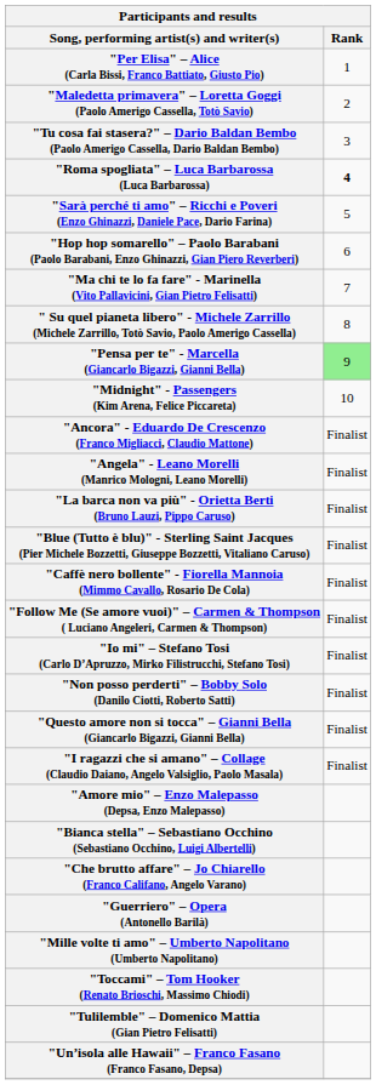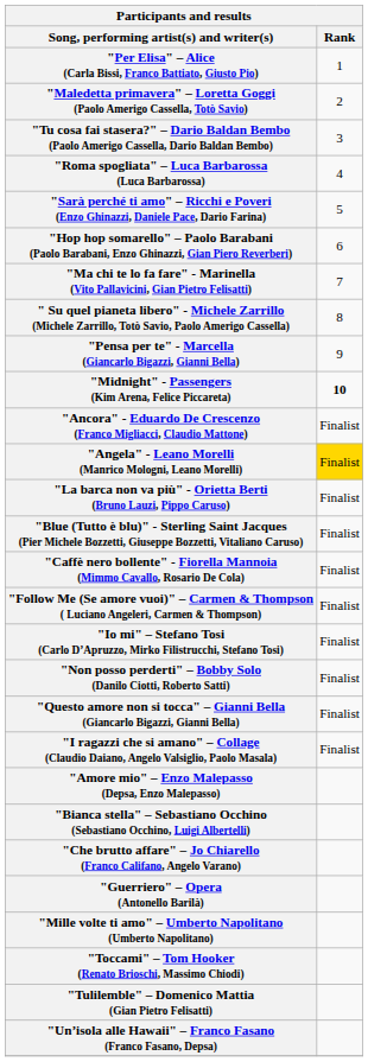 <table class="plainrowheaders wikitable">
 <tr>
 <th colspan="3">Participants and results</th>
 </tr>
 <tr>
 <th>Song, performing artist(s) and writer(s)</th>
 <th>Rank</th>
 </tr>
 <tr>
 <th scope="row">"<a href='#'>Per Elisa</a>" –  <a href='#'>Alice</a>  <br><small> 	(Carla Bissi, <a href='#'>Franco Battiato</a>, <a href='#'>Giusto Pio</a>)</small></th>
 <td style="text-align:center;">1</td>
 </tr>
 <tr>
 <th scope="row">"<a href='#'>Maledetta primavera</a>" – <a href='#'>Loretta Goggi</a> <br><small>(Paolo Amerigo Cassella, <a href='#'>Totò Savio</a>)</small></th>
 <td style="text-align:center;">2</td>
 </tr>
 <tr>
 <th scope="row">"Tu cosa fai stasera?" – <a href='#'>Dario Baldan Bembo</a>  <br><small> 	(Paolo Amerigo Cassella, Dario Baldan Bembo)</small></th>
 <td style="text-align:center;">3</td>
 </tr>
 <tr>
 <th scope="row">"Roma spogliata" – <a href='#'>Luca Barbarossa</a><br><small> 	(Luca Barbarossa)</small></th>
-<td style="text-align:center;"><strong>4</strong></td>
+<td style="text-align:center;">4</td>
 </tr>
 <tr>
 <th scope="row">"<a href='#'>Sarà perché ti amo</a>" –  <a href='#'>Ricchi e Poveri</a> <br><small>(<a href='#'>Enzo Ghinazzi</a>, <a href='#'>Daniele Pace</a>, Dario Farina)</small></th>
 <td style="text-align:center;">5</td>
 </tr>
 <tr>
 <th scope="row">"Hop hop somarello"  –  	Paolo Barabani   <br><small> (Paolo Barabani, Enzo Ghinazzi, <a href='#'>Gian Piero Reverberi</a>)</small></th>
 <td style="text-align:center;">6</td>
 </tr>
 <tr>
 <th scope="row">"Ma chi te lo fa fare" -  	Marinella <br><small>(<a href='#'>Vito Pallavicini</a>, <a href='#'>Gian Pietro Felisatti</a>)</small></th>
 <td style="text-align:center;">7</td>
 </tr>
 <tr>
 <th scope="row">" 	Su quel pianeta libero" -  <a href='#'>Michele Zarrillo</a> <br><small> (Michele Zarrillo, Totò Savio, Paolo Amerigo Cassella)</small></th>
 <td style="text-align:center;">8</td>
 </tr>
 <tr>
 <th scope="row">"Pensa per te" -  <a href='#'>Marcella</a>  <br><small> 	(<a href='#'>Giancarlo Bigazzi</a>, <a href='#'>Gianni Bella</a>)</small></th>
-<td style="background: lightgreen; text-align:center;">9</td>
+<td style="text-align:center;">9</td>
 </tr>
 <tr>
 <th scope="row">"Midnight" - <a href='#'>Passengers</a>  <br><small> 	(Kim Arena, Felice Piccareta)</small></th>
-<td style="text-align:center;">10</td>
+<td style="text-align:center;"><strong>10</strong></td>
 </tr>
 <tr>
 <th scope="row">"Ancora" - <a href='#'>Eduardo De Crescenzo</a> <br><small>  	(<a href='#'>Franco Migliacci</a>, <a href='#'>Claudio Mattone</a>)</small></th>
 <td style="text-align:center;">Finalist</td>
 </tr>
 <tr>
 <th scope="row">"Angela" -  <a href='#'>Leano Morelli</a><br><small> 	(Manrico Mologni, Leano Morelli) </small></th>
-<td style="text-align:center;">Finalist</td>
+<td style="background: gold; text-align:center;">Finalist</td>
 </tr>
 <tr>
 <th scope="row">"La barca non va più" - <a href='#'>Orietta Berti</a>   <br><small> 	(<a href='#'>Bruno Lauzi</a>, <a href='#'>Pippo Caruso</a>) </small></th>
 <td style="text-align:center;">Finalist</td>
 </tr>
 <tr>
 <th scope="row">"Blue (Tutto è blu)" - Sterling Saint Jacques   <br><small>(Pier Michele Bozzetti, Giuseppe Bozzetti, Vitaliano Caruso)</small></th>
 <td style="text-align:center;">Finalist</td>
 </tr>
 <tr>
 <th scope="row">"Caffè nero bollente" - <a href='#'>Fiorella Mannoia</a> <br><small>(<a href='#'>Mimmo Cavallo</a>, Rosario De Cola)</small></th>
 <td style="text-align:center;">Finalist</td>
 </tr>
 <tr>
 <th scope="row">"Follow Me (Se amore vuoi)" – <a href='#'>Carmen & Thompson</a> <br><small>( Luciano Angeleri, Carmen & Thompson)</small></th>
 <td style="text-align:center;">Finalist</td>
 </tr>
 <tr>
 <th scope="row">"Io mi" –  Stefano Tosi <br><small> 	(Carlo D’Apruzzo, Mirko Filistrucchi, Stefano Tosi)</small></th>
 <td style="text-align:center;">Finalist</td>
 </tr>
 <tr>
 <th scope="row">"Non posso perderti" – <a href='#'>Bobby Solo</a> <br><small>(Danilo Ciotti, Roberto Satti)</small></th>
 <td style="text-align:center;">Finalist</td>
 </tr>
 <tr>
 <th scope="row">"Questo amore non si tocca" –  <a href='#'>Gianni Bella</a> <br><small>(Giancarlo Bigazzi, Gianni Bella)</small></th>
 <td style="text-align:center;">Finalist</td>
 </tr>
 <tr>
 <th scope="row">"I ragazzi che si amano" –  <a href='#'>Collage</a> <br><small>(Claudio Daiano, Angelo Valsiglio, Paolo Masala)</small></th>
 <td style="text-align:center;">Finalist</td>
 </tr>
 <tr>
 <th scope="row">"Amore mio" – <a href='#'>Enzo Malepasso</a> <br><small> 	(Depsa, Enzo Malepasso)</small></th>
 <td></td>
 </tr>
 <tr>
 <th scope="row">"Bianca stella" – Sebastiano Occhino <br><small>(Sebastiano Occhino, <a href='#'>Luigi Albertelli</a>)</small></th>
 <td></td>
 </tr>
 <tr>
 <th scope="row">"Che brutto affare" – <a href='#'>Jo Chiarello</a>  <br><small> 	(<a href='#'>Franco Califano</a>, Angelo Varano) </small></th>
 <td></td>
 </tr>
 <tr>
 <th scope="row">"Guerriero" – <a href='#'>Opera</a> <br><small>(Antonello Barilà)</small></th>
 <td></td>
 </tr>
 <tr>
 <th scope="row">"Mille volte ti amo" – <a href='#'>Umberto Napolitano</a> <br><small>(Umberto Napolitano)</small></th>
 <td></td>
 </tr>
 <tr>
 <th scope="row">"Toccami" – <a href='#'>Tom Hooker</a> <br><small>(<a href='#'>Renato Brioschi</a>, Massimo Chiodi)</small></th>
 <td></td>
 </tr>
 <tr>
 <th scope="row">"Tulilemble" – Domenico Mattia <br><small>(Gian Pietro Felisatti)</small></th>
 <td></td>
 </tr>
 <tr>
 <th scope="row">"Un’isola alle Hawaii" –  <a href='#'>Franco Fasano</a> <br><small>(Franco Fasano, Depsa)</small></th>
 <td></td>
 </tr>
 <tr>
 </tr>
 </table>
